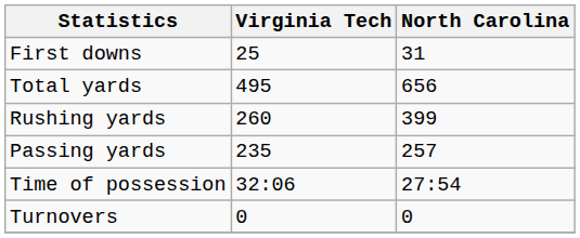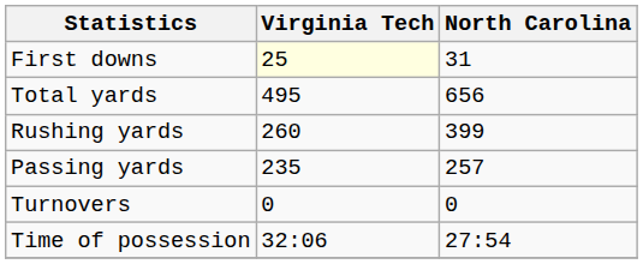 <table class="wikitable">
 <tr>
 <th>Statistics</th>
 <th>Virginia Tech</th>
 <th>North Carolina</th>
 </tr>
 <tr>
 <td>First downs</td>
-<td>25</td>
+<td style="background: lightyellow;">25</td>
 <td>31</td>
 </tr>
 <tr>
 <td>Total yards</td>
 <td>495</td>
 <td>656</td>
 </tr>
 <tr>
 <td>Rushing yards</td>
 <td>260</td>
 <td>399</td>
 </tr>
 <tr>
 <td>Passing yards</td>
 <td>235</td>
 <td>257</td>
 </tr>
 <tr>
+<td>Turnovers</td>
+<td>0</td>
+<td>0</td>
+</tr>
+<tr>
 <td>Time of possession</td>
 <td>32:06</td>
 <td>27:54</td>
 </tr>
 <tr>
-<td>Turnovers</td>
-<td>0</td>
-<td>0</td>
-</tr>
-<tr>
 </tr>
 </table>
